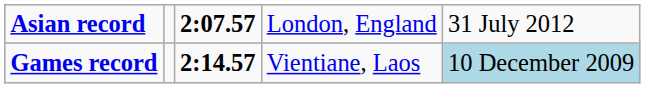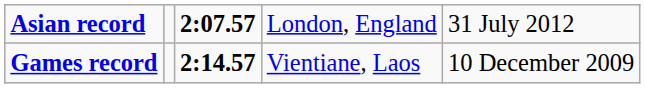 <table class="wikitable">
 <tr>
 <td><strong><a href='#'>Asian record</a></strong></td>
 <td></td>
 <td><strong>2:07.57</strong></td>
 <td><a href='#'>London</a>, <a href='#'>England</a></td>
 <td>31 July 2012</td>
 </tr>
 <tr>
 <td><strong><a href='#'>Games record</a></strong></td>
 <td></td>
 <td><strong>2:14.57</strong></td>
 <td><a href='#'>Vientiane</a>, <a href='#'>Laos</a></td>
-<td style="background: lightblue;">10 December 2009</td>
+<td>10 December 2009</td>
 </tr>
 </table>
